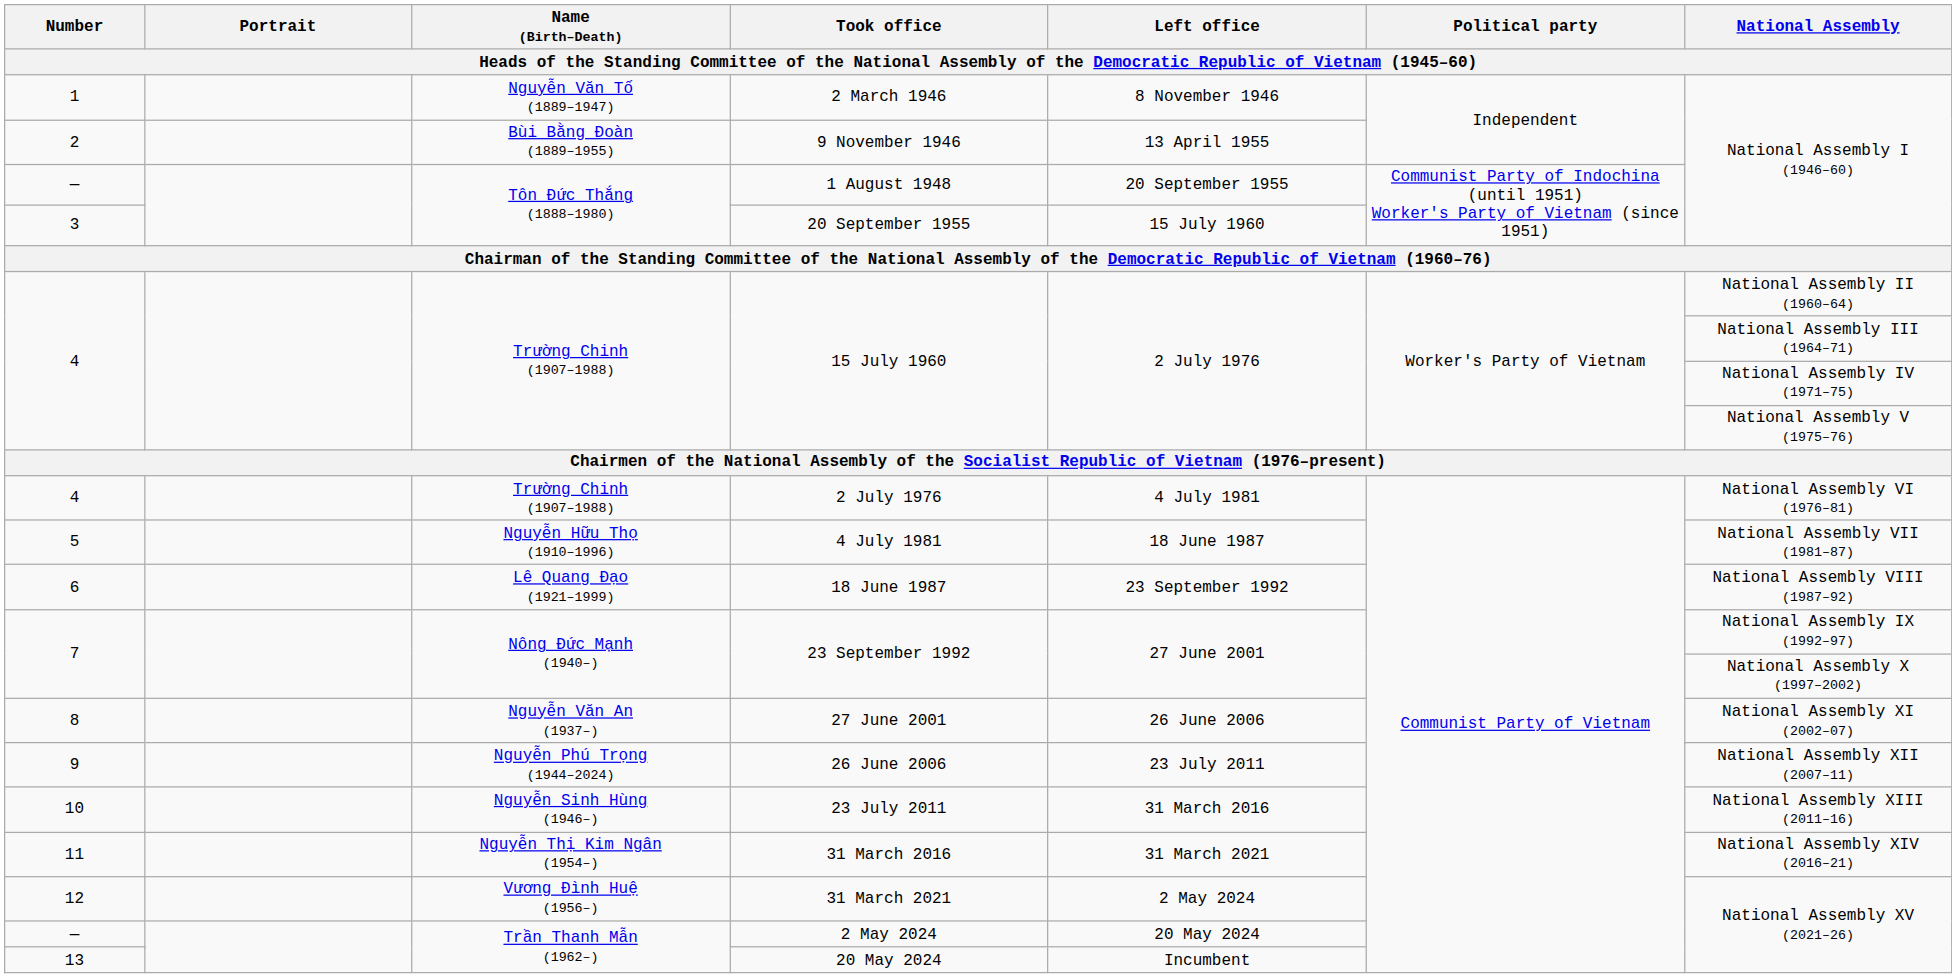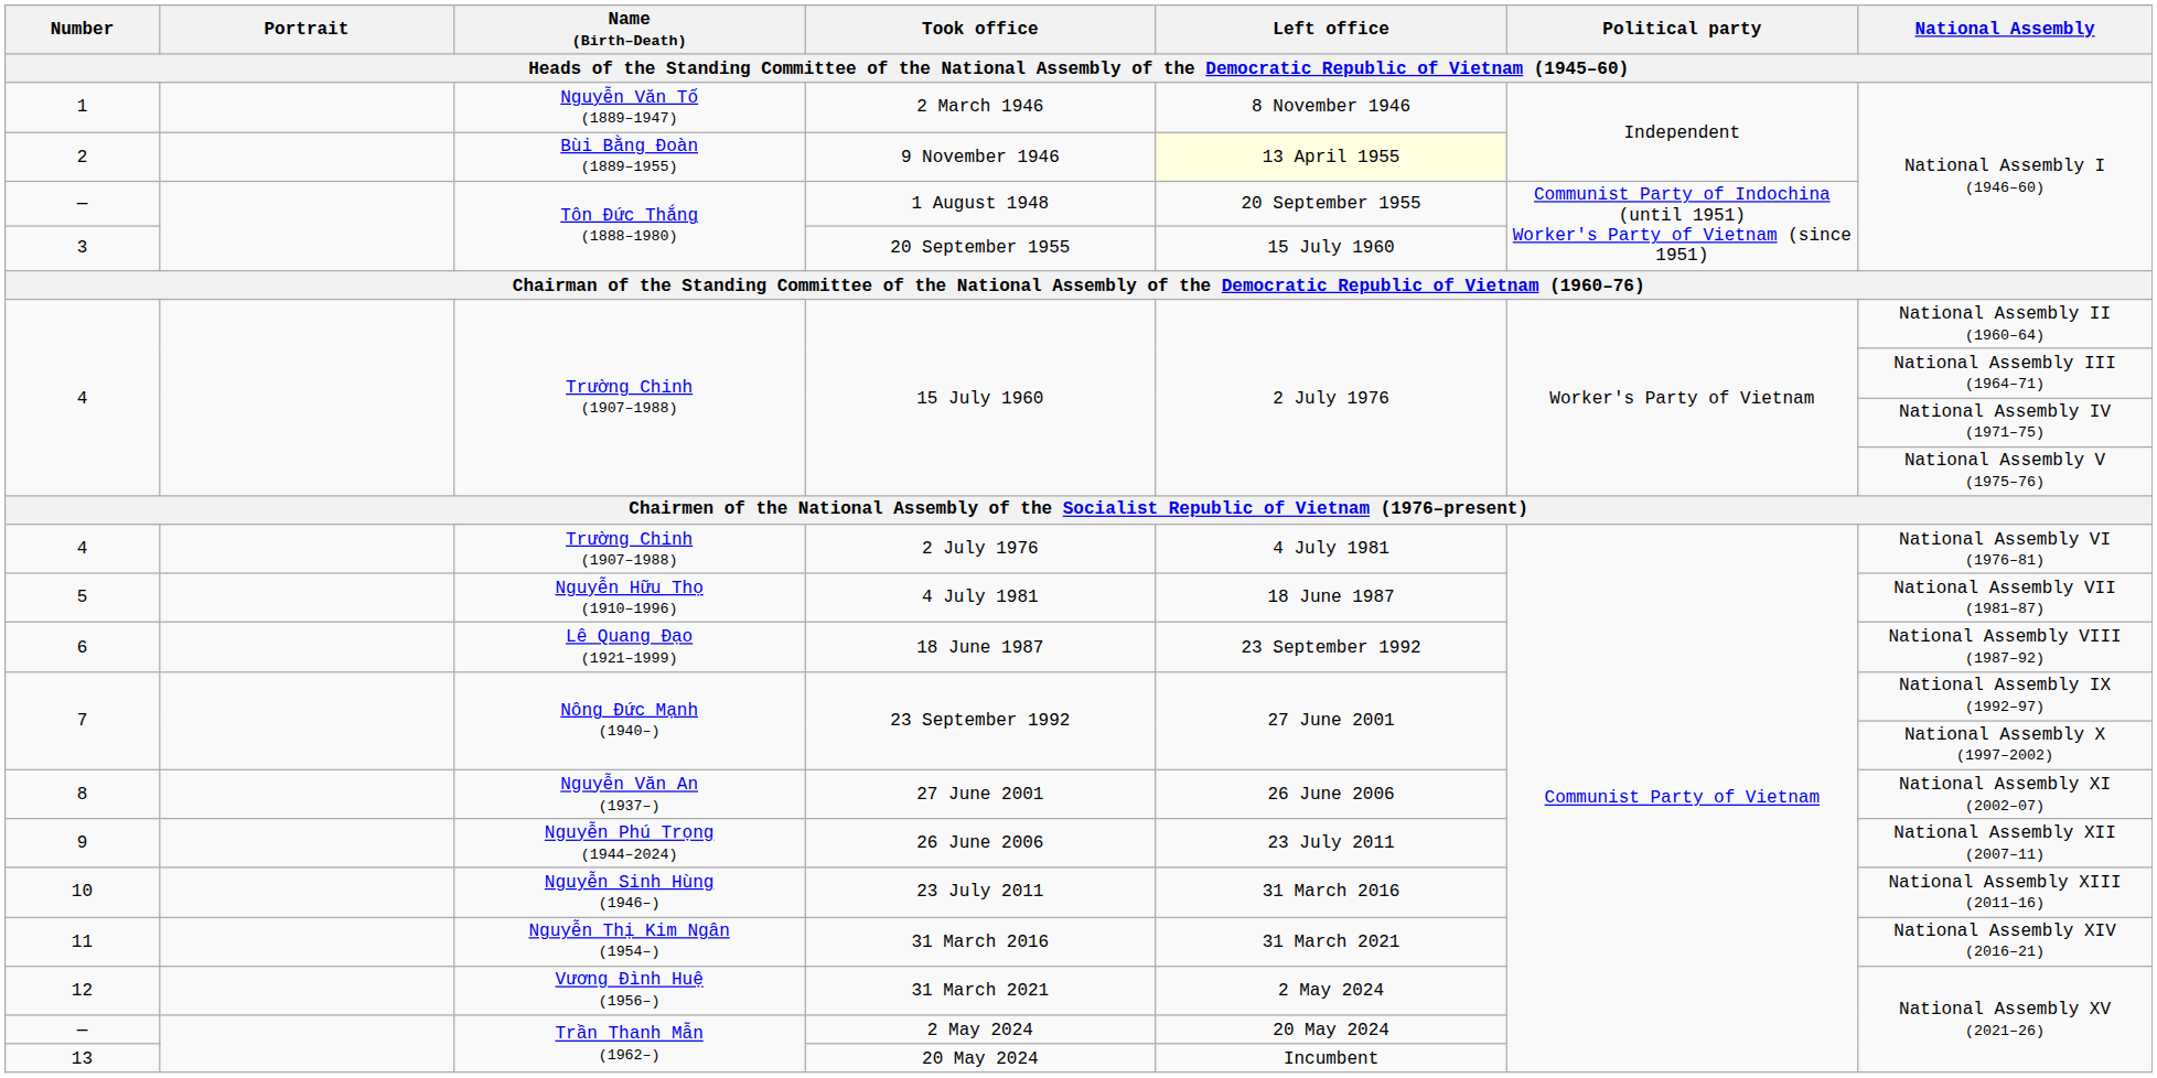 <table class="wikitable" width=100%>
 <tr>
 <th scope="col" style="width:5em;">Number<br></th>
 <th scope="col" style="width:10em;">Portrait</th>
 <th scope="col" style="width:12em;">Name<br><small>(Birth–Death)</small></th>
 <th scope="col" style="width:12em;">Took office</th>
 <th scope="col" style="width:12em;">Left office</th>
 <th scope="col" style="width:12em;">Political party</th>
 <th scope="col" style="width:10em;"><a href='#'>National Assembly</a></th>
 </tr>
 <tr>
 <th colspan="7" align="center">Heads of the Standing Committee of the National Assembly of the <a href='#'>Democratic Republic of Vietnam</a> (1945–60)</th>
 </tr>
 <tr>
 <td align="center">1</td>
 <td align="center"></td>
 <td align="center" scope="row" style="font-weight:normal;"><a href='#'>Nguyễn Văn Tố</a><br><small>(1889–1947)</small></td>
 <td align="center">2 March 1946</td>
 <td align="center">8 November 1946</td>
 <td rowspan="2" align="center">Independent</td>
 <td rowspan="4" align="center">National Assembly I<br><small>(1946–60)</small></td>
 </tr>
 <tr>
 <td align="center">2</td>
 <td align="center"></td>
 <td align="center" scope="row" style="font-weight:normal;"><a href='#'>Bùi Bằng Đoàn</a><br><small>(1889–1955)</small></td>
 <td align="center">9 November 1946</td>
-<td align="center">13 April 1955</td>
+<td align="center" style="background: lightyellow;">13 April 1955</td>
 </tr>
 <tr>
 <td align="center">— <br></td>
 <td rowspan="2" align="center"></td>
 <td rowspan="2" align="center" scope="row" style="font-weight:normal;"><a href='#'>Tôn Đức Thắng</a><br><small>(1888–1980)</small></td>
 <td align="center">1 August 1948</td>
 <td align="center">20 September 1955</td>
 <td align="center" rowspan="2"><a href='#'>Communist Party of Indochina</a> (until 1951)<br><a href='#'>Worker's Party of Vietnam</a> (since 1951)</td>
 </tr>
 <tr>
 <td align="center">3</td>
 <td align="center">20 September 1955</td>
 <td align="center">15 July 1960</td>
 </tr>
 <tr>
 <th colspan="7" align="center">Chairman of the Standing Committee of the National Assembly of the <a href='#'>Democratic Republic of Vietnam</a> (1960–76)</th>
 </tr>
 <tr>
 <td rowspan="4" align="center">4</td>
 <td rowspan="4" align="center"></td>
 <td rowspan="4" align="center" scope="row" style="font-weight:normal;"><a href='#'>Trường Chinh</a><br><small>(1907–1988)</small></td>
 <td rowspan="4" align="center">15 July 1960</td>
 <td align="center" rowspan="4">2 July 1976</td>
 <td align="center" rowspan="4">Worker's Party of Vietnam</td>
 <td align="center">National Assembly II<br><small>(1960–64)</small></td>
 </tr>
 <tr>
 <td align="center">National Assembly III<br><small>(1964–71)</small></td>
 </tr>
 <tr>
 <td align="center">National Assembly IV <br><small>(1971–75)</small></td>
 </tr>
 <tr>
 <td align="center">National Assembly V<br><small>(1975–76)</small></td>
 </tr>
 <tr>
 <th colspan="7" align="center">Chairmen of the National Assembly of the <a href='#'>Socialist Republic of Vietnam</a> (1976–present)</th>
 </tr>
 <tr>
 <td align="center">4</td>
 <td align="center"></td>
 <td align="center" scope="row" style="font-weight:normal;"><a href='#'>Trường Chinh</a><br><small>(1907–1988)</small></td>
 <td align="center">2 July 1976</td>
 <td align="center">4 July 1981</td>
 <td rowspan="16" align="center"><a href='#'>Communist Party of Vietnam</a></td>
 <td align="center">National Assembly VI<br><small>(1976–81)</small></td>
 </tr>
 <tr>
 <td align="center">5</td>
 <td align="center"></td>
 <td align="center" scope="row" style="font-weight:normal;"><a href='#'>Nguyễn Hữu Thọ</a><br><small>(1910–1996)</small></td>
 <td align="center">4 July 1981</td>
 <td align="center">18 June 1987</td>
 <td align="center">National Assembly VII<br><small>(1981–87)</small></td>
 </tr>
 <tr>
 <td align="center">6</td>
 <td align="center"></td>
 <td align="center" scope="row" style="font-weight:normal;"><a href='#'>Lê Quang Đạo</a><br><small>(1921–1999)</small></td>
 <td align="center">18 June 1987</td>
 <td align="center">23 September 1992</td>
 <td align="center">National Assembly VIII<br><small>(1987–92)</small></td>
 </tr>
 <tr>
 <td rowspan="2" align="center">7</td>
 <td rowspan="2" align="center"></td>
 <td rowspan="2" align="center" scope="row" style="font-weight:normal;"><a href='#'>Nông Đức Mạnh</a><br><small>(1940–)</small></td>
 <td rowspan="2" align="center">23 September 1992</td>
 <td align="center" rowspan="2">27 June 2001</td>
 <td align="center">National Assembly IX<br><small>(1992–97)</small></td>
 </tr>
 <tr>
 <td align="center">National Assembly X<br><small>(1997–2002)</small></td>
 </tr>
 <tr>
 <td align="center">8</td>
 <td align="center"></td>
 <td align="center" scope="row" style="font-weight:normal;"><a href='#'>Nguyễn Văn An</a><br><small>(1937–)</small></td>
 <td align="center">27 June 2001</td>
 <td align="center">26 June 2006</td>
 <td rowspan="2" align="center">National Assembly XI<br><small>(2002–07)</small></td>
 </tr>
 <tr>
 <td rowspan="2" align="center">9</td>
 <td rowspan="2" align="center"></td>
 <td rowspan="2" align="center" scope="row" style="font-weight:normal;"><a href='#'>Nguyễn Phú Trọng</a><br><small>(1944–2024)</small></td>
 <td rowspan="2" align="center">26 June 2006</td>
 <td rowspan="2" align="center">23 July 2011</td>
 </tr>
 <tr>
 <td align="center">National Assembly XII<br><small>(2007–11)</small></td>
 </tr>
 <tr>
 <td align="center">10</td>
 <td align="center"></td>
 <td align="center" scope="row" style="font-weight:normal;"><a href='#'>Nguyễn Sinh Hùng</a><br><small>(1946–)</small></td>
 <td align="center">23 July 2011</td>
 <td align="center">31 March 2016</td>
 <td rowspan="2" align="center">National Assembly XIII<br><small>(2011–16)</small></td>
 </tr>
 <tr>
 <td rowspan="2" align="center">11</td>
 <td rowspan="2" align="center"></td>
 <td rowspan="2" align="center" scope="row" style="font-weight:normal;"><a href='#'>Nguyễn Thị Kim Ngân</a><br><small>(1954–)</small></td>
 <td rowspan="2" align="center">31 March 2016</td>
 <td rowspan="2" align="center">31 March 2021</td>
 </tr>
 <tr>
 <td rowspan="2" align="center">National Assembly XIV<br><small>(2016–21)</small></td>
 </tr>
 <tr>
 <td rowspan="2" align="center">12</td>
 <td rowspan="2" align="center"></td>
 <td rowspan="2" align="center" scope="row" style="font-weight:normal;"><a href='#'>Vương Đình Huệ</a><br><small>(1956–)</small></td>
 <td rowspan="2" align="center">31 March 2021</td>
 <td rowspan="2" align="center">2 May 2024</td>
 </tr>
 <tr>
 <td rowspan="4" align="center">National Assembly XV<br><small>(2021–26)</small></td>
 </tr>
 <tr>
 <td rowspan="2" align="center">—</td>
 <td rowspan="3" align="center"></td>
 <td rowspan="3" align="center" scope="row" style="font-weight:normal;"><a href='#'>Trần Thanh Mẫn</a><br><small>(1962–)</small></td>
 <td align="center">2 May 2024</td>
 <td align="center">20 May 2024</td>
 </tr>
 <tr>
 <td rowspan="2" align="center">20 May 2024</td>
 <td rowspan="2" align="center">Incumbent</td>
 </tr>
 <tr>
 <td rowspan="2" align="center">13</td>
 </tr>
 </table>
